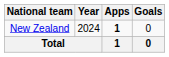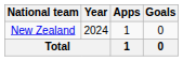 <table class=wikitable style=text-align:center>
 <tr>
 <th>National team</th>
 <th>Year</th>
 <th>Apps</th>
 <th>Goals</th>
 </tr>
 <tr>
 <td rowspan=1><a href='#'>New Zealand</a></td>
 <td>2024</td>
-<td><strong>1</strong></td>
+<td>1</td>
 <td>0</td>
 </tr>
 <tr>
 <th colspan=2>Total</th>
 <th>1</th>
 <th>0</th>
 </tr>
 </table>
